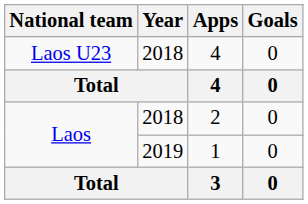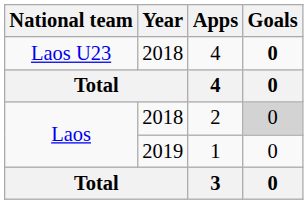 <table class="wikitable" style="text-align:center">
 <tr>
 <th>National team</th>
 <th>Year</th>
 <th>Apps</th>
 <th>Goals</th>
 </tr>
 <tr>
 <td><a href='#'>Laos U23</a></td>
 <td>2018</td>
 <td>4</td>
-<td>0</td>
+<td><strong>0</strong></td>
 </tr>
 <tr>
 <th colspan=2>Total</th>
 <th>4</th>
 <th>0</th>
 </tr>
 <tr>
 <td rowspan="2"><a href='#'>Laos</a></td>
 <td>2018</td>
 <td>2</td>
-<td>0</td>
+<td style="background: lightgrey;">0</td>
 </tr>
 <tr>
 <td>2019</td>
 <td>1</td>
 <td>0</td>
 </tr>
 <tr>
 <th colspan=2>Total</th>
 <th>3</th>
 <th>0</th>
 </tr>
 </table>
